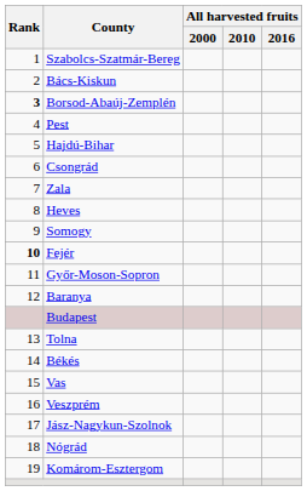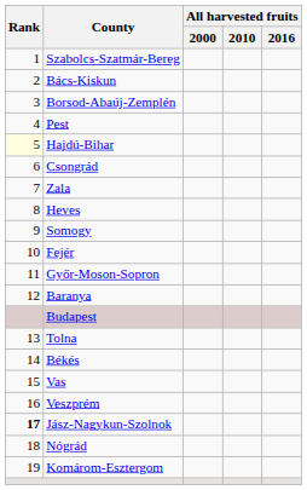 <table class="wikitable sortable">
 <tr>
 <th rowspan=2; scope="col">Rank</th>
 <th rowspan=2; scope="col">County</th>
 <th colspan=3; scope="col">All harvested fruits<br></th>
 </tr>
 <tr>
 <th scope="col">2000</th>
 <th scope="col">2010</th>
 <th scope="col">2016</th>
 </tr>
 <tr align="right">
 <td>1</td>
 <td align="left"><a href='#'>Szabolcs-Szatmár-Bereg</a></td>
 <td align="right"></td>
 <td align="right"></td>
 <td align="right"><strong></strong></td>
 </tr>
 <tr align="right">
 <td>2</td>
 <td align="left"><a href='#'>Bács-Kiskun</a></td>
 <td align="right"></td>
 <td align="right"></td>
 <td align="right"><strong></strong></td>
 </tr>
 <tr align="right">
-<td><strong>3</strong></td>
+<td>3</td>
 <td align="left"><a href='#'>Borsod-Abaúj-Zemplén</a></td>
 <td align="right"></td>
 <td align="right"></td>
 <td align="right"><strong></strong></td>
 </tr>
 <tr align="right">
 <td>4</td>
 <td align="left"><a href='#'>Pest</a></td>
 <td align="right"></td>
 <td align="right"></td>
 <td align="right"><strong></strong></td>
 </tr>
 <tr align="right">
-<td>5</td>
+<td style="background: lightyellow;">5</td>
 <td align="left"><a href='#'>Hajdú-Bihar</a></td>
 <td align="right"></td>
 <td align="right"></td>
 <td align="right"><strong></strong></td>
 </tr>
 <tr align="right">
 <td>6</td>
 <td align="left"><a href='#'>Csongrád</a></td>
 <td align="right"></td>
 <td align="right"></td>
 <td align="right"><strong></strong></td>
 </tr>
 <tr align="right">
 <td>7</td>
 <td align="left"><a href='#'>Zala</a></td>
 <td align="right"></td>
 <td align="right"></td>
 <td align="right"><strong></strong></td>
 </tr>
 <tr align="right">
 <td>8</td>
 <td align="left"><a href='#'>Heves</a></td>
 <td align="right"></td>
 <td align="right"></td>
 <td align="right"><strong></strong></td>
 </tr>
 <tr align="right">
 <td>9</td>
 <td align="left"><a href='#'>Somogy</a></td>
 <td align="right"></td>
 <td align="right"></td>
 <td align="right"><strong></strong></td>
 </tr>
 <tr align="right">
-<td><strong>10</strong></td>
+<td>10</td>
 <td align="left"><a href='#'>Fejér</a></td>
 <td align="right"></td>
 <td align="right"></td>
 <td align="right"><strong></strong></td>
 </tr>
 <tr align="right">
 <td>11</td>
 <td align="left"><a href='#'>Győr-Moson-Sopron</a></td>
 <td align="right"></td>
 <td align="right"></td>
 <td align="right"><strong></strong></td>
 </tr>
 <tr align="right">
 <td>12</td>
 <td align="left"><a href='#'>Baranya</a></td>
 <td align="right"></td>
 <td align="right"></td>
 <td align="right"><strong></strong></td>
 </tr>
 <tr style="background:#dcc;">
 <td></td>
 <td align="left"><a href='#'>Budapest</a></td>
 <td align="right"></td>
 <td align="right"></td>
 <td align="right"><strong></strong></td>
 </tr>
 <tr align="right">
 <td>13</td>
 <td align="left"><a href='#'>Tolna</a></td>
 <td align="right"></td>
 <td align="right"></td>
 <td align="right"><strong></strong></td>
 </tr>
 <tr align="right">
 <td>14</td>
 <td align="left"><a href='#'>Békés</a></td>
 <td align="right"></td>
 <td align="right"></td>
 <td align="right"><strong></strong></td>
 </tr>
 <tr align="right">
 <td>15</td>
 <td align="left"><a href='#'>Vas</a></td>
 <td align="right"></td>
 <td align="right"></td>
 <td align="right"><strong></strong></td>
 </tr>
 <tr align="right">
 <td>16</td>
 <td align="left"><a href='#'>Veszprém</a></td>
 <td align="right"></td>
 <td align="right"></td>
 <td align="right"><strong></strong></td>
 </tr>
 <tr align="right">
-<td>17</td>
+<td><strong>17</strong></td>
 <td align="left"><a href='#'>Jász-Nagykun-Szolnok</a></td>
 <td align="right"></td>
 <td align="right"></td>
 <td align="right"><strong></strong></td>
 </tr>
 <tr align="right">
 <td>18</td>
 <td align="left"><a href='#'>Nógrád</a></td>
 <td align="right"></td>
 <td align="right"></td>
 <td align="right"><strong></strong></td>
 </tr>
 <tr align="right">
 <td>19</td>
 <td align="left"><a href='#'>Komárom-Esztergom</a></td>
 <td align="right"></td>
 <td align="right"></td>
 <td align="right"><strong></strong></td>
 </tr>
 <tr bgcolor="E5E4E2">
 <td align=center; colspan="2"><strong></strong></td>
 <td align="right"></td>
 <td align="right"></td>
 <td align="right"><strong></strong></td>
 </tr>
 </table>
